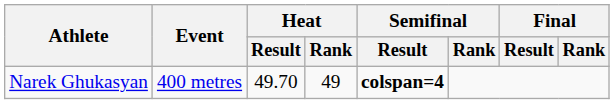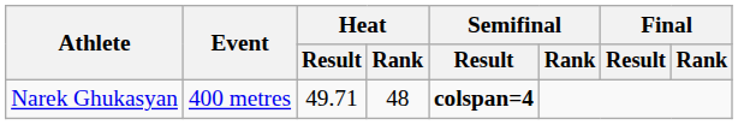 <table class=wikitable style=font-size:90%>
 <tr>
 <th rowspan=2>Athlete</th>
 <th rowspan=2>Event</th>
 <th colspan=2>Heat</th>
 <th colspan=2>Semifinal</th>
 <th colspan=2>Final</th>
 </tr>
 <tr style=font-size:95%>
 <th>Result</th>
 <th>Rank</th>
 <th>Result</th>
 <th>Rank</th>
 <th>Result</th>
 <th>Rank</th>
 </tr>
 <tr align=center>
 <td align=left><a href='#'>Narek Ghukasyan</a></td>
 <td align=left><a href='#'>400 metres</a></td>
-<td>49.70 <strong></strong></td>
-<td>49</td>
+<td>49.71 <strong></strong></td>
+<td>48</td>
 <td><strong>colspan=4 </strong></td>
 </tr>
 </table>
